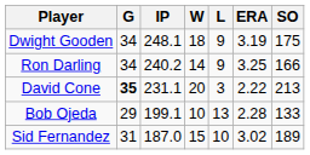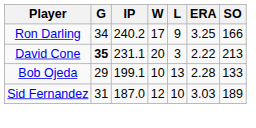 <table class="wikitable sortable">
 <tr>
 <th>Player</th>
 <th>G</th>
 <th>IP</th>
 <th>W</th>
 <th>L</th>
 <th>ERA</th>
 <th>SO</th>
 </tr>
 <tr align="center">
-<td><a href='#'>Dwight Gooden</a></td>
-<td>34</td>
-<td>248.1</td>
-<td>18</td>
-<td>9</td>
-<td>3.19</td>
-<td>175</td>
-</tr>
-<tr align="center">
 <td><a href='#'>Ron Darling</a></td>
 <td>34</td>
 <td>240.2</td>
-<td>14</td>
+<td>17</td>
 <td>9</td>
 <td>3.25</td>
 <td>166</td>
 </tr>
 <tr align="center">
 <td><a href='#'>David Cone</a></td>
 <td><strong>35</strong></td>
 <td>231.1</td>
 <td>20</td>
 <td>3</td>
 <td>2.22</td>
 <td>213</td>
 </tr>
 <tr align="center">
 <td><a href='#'>Bob Ojeda</a></td>
 <td>29</td>
 <td>199.1</td>
 <td>10</td>
 <td>13</td>
 <td>2.28</td>
 <td>133</td>
 </tr>
 <tr align="center">
 <td><a href='#'>Sid Fernandez</a></td>
 <td>31</td>
 <td>187.0</td>
-<td>15</td>
+<td>12</td>
 <td>10</td>
-<td>3.02</td>
+<td>3.03</td>
 <td>189</td>
 </tr>
 </table>
